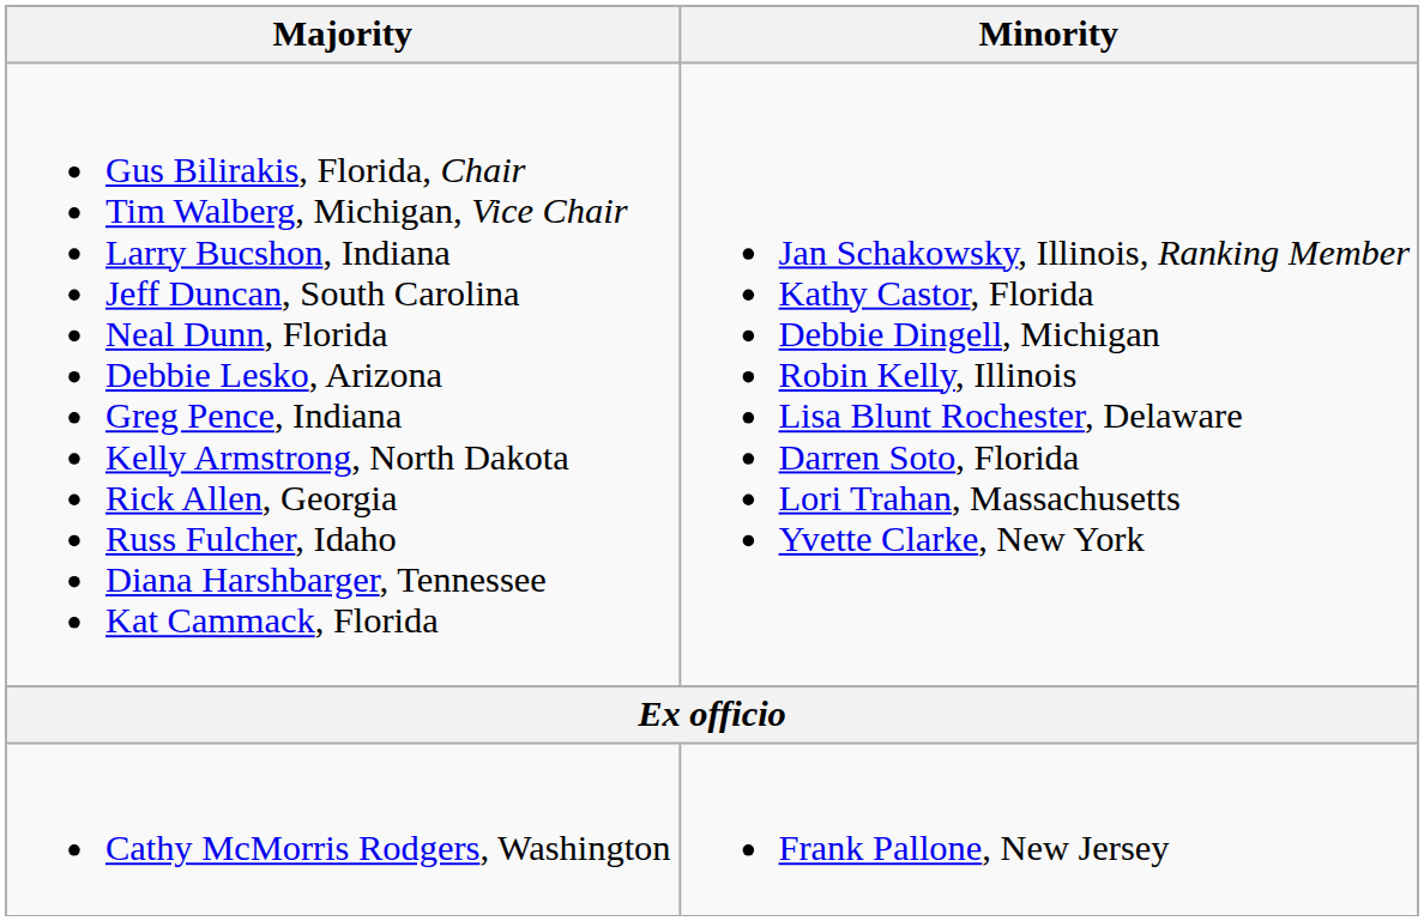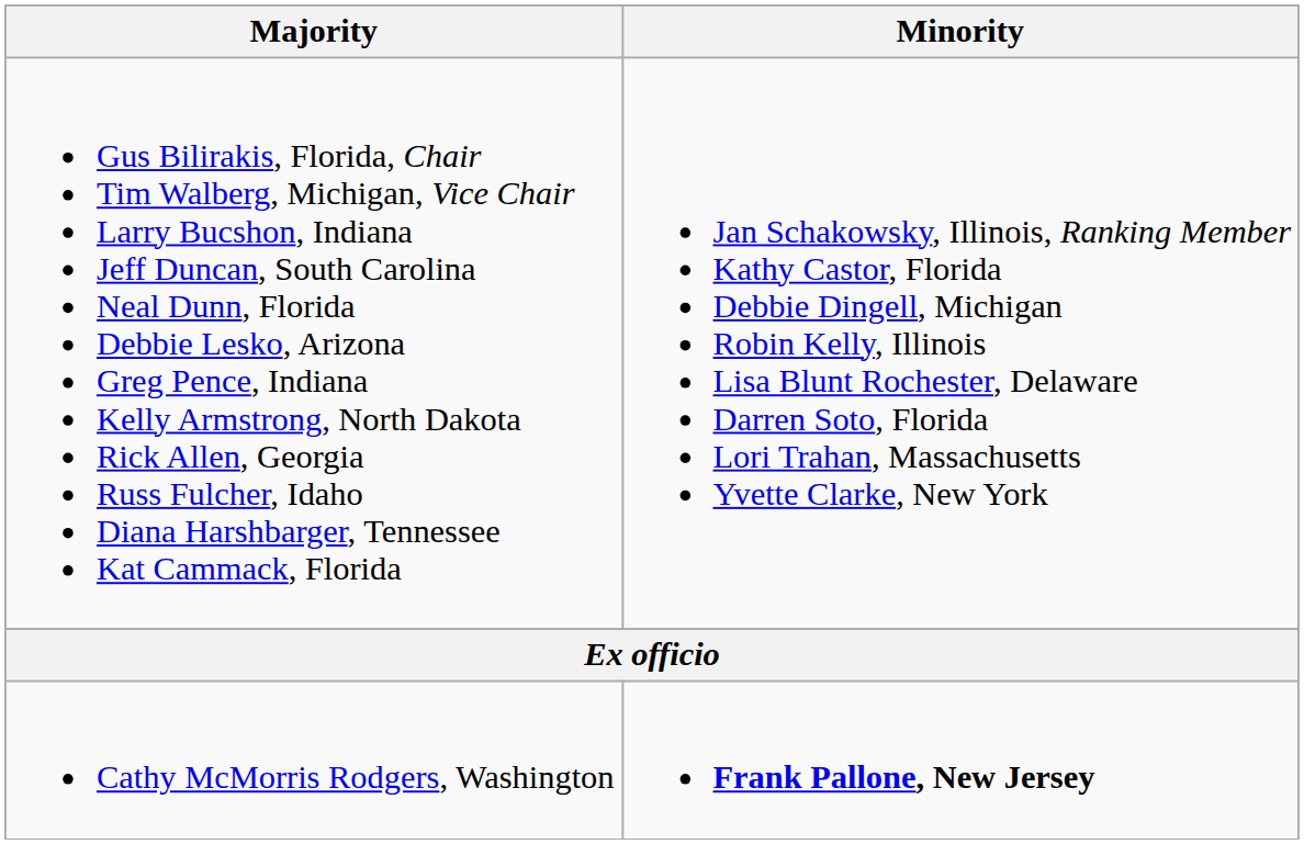 <table class=wikitable>
 <tr>
 <th>Majority</th>
 <th>Minority</th>
 </tr>
 <tr>
 <td><br><ul><li><a href='#'>Gus Bilirakis</a>, Florida, <em>Chair</em></li><li><a href='#'>Tim Walberg</a>, Michigan, <em>Vice Chair</em></li><li><a href='#'>Larry Bucshon</a>, Indiana</li><li><a href='#'>Jeff Duncan</a>, South Carolina</li><li><a href='#'>Neal Dunn</a>, Florida</li><li><a href='#'>Debbie Lesko</a>, Arizona</li><li><a href='#'>Greg Pence</a>, Indiana</li><li><a href='#'>Kelly Armstrong</a>, North Dakota</li><li><a href='#'>Rick Allen</a>, Georgia</li><li><a href='#'>Russ Fulcher</a>, Idaho</li><li><a href='#'>Diana Harshbarger</a>, Tennessee</li><li><a href='#'>Kat Cammack</a>, Florida</li></ul></td>
 <td><br><ul><li><a href='#'>Jan Schakowsky</a>, Illinois, <em>Ranking Member</em></li><li><a href='#'>Kathy Castor</a>, Florida</li><li><a href='#'>Debbie Dingell</a>, Michigan</li><li><a href='#'>Robin Kelly</a>, Illinois</li><li><a href='#'>Lisa Blunt Rochester</a>, Delaware</li><li><a href='#'>Darren Soto</a>, Florida</li><li><a href='#'>Lori Trahan</a>, Massachusetts</li><li><a href='#'>Yvette Clarke</a>, New York</li></ul></td>
 </tr>
 <tr>
 <th colspan=2><em>Ex officio</em></th>
 </tr>
 <tr>
 <td><br><ul><li><a href='#'>Cathy McMorris Rodgers</a>, Washington</li></ul></td>
-<td><br><ul><li><a href='#'>Frank Pallone</a>, New Jersey</li></ul></td>
+<td><strong><br><ul><li><a href='#'>Frank Pallone</a>, New Jersey</li></ul></strong></td>
 </tr>
 </table>
